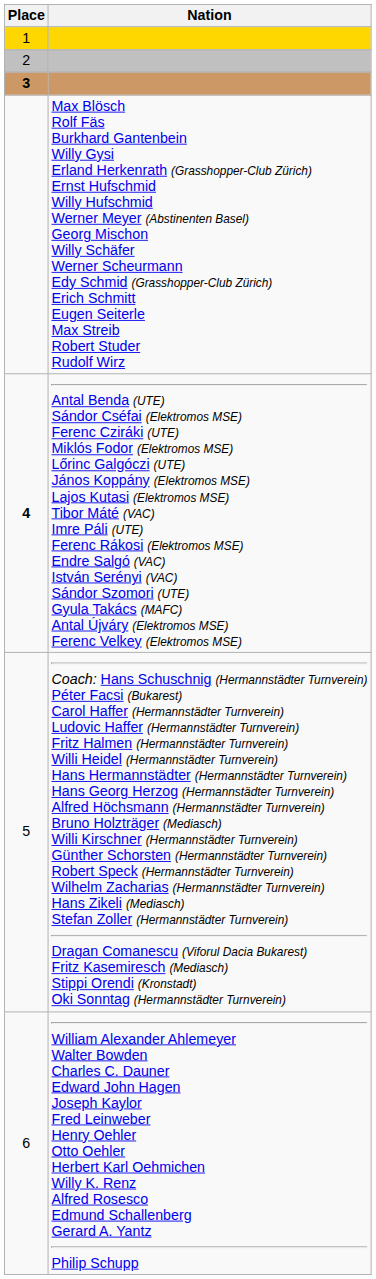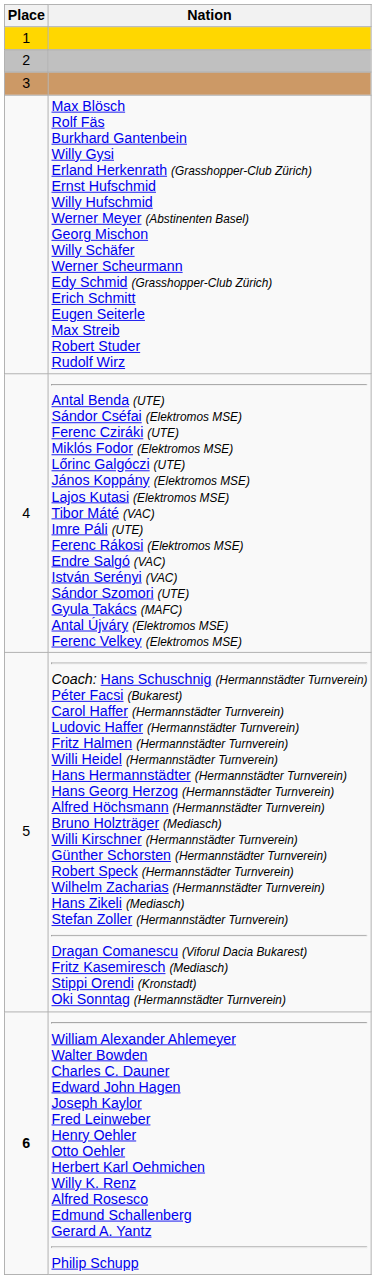 <table class="wikitable">
 <tr>
 <th>Place</th>
 <th>Nation</th>
 </tr>
 <tr align=center bgcolor=gold>
 <td>1</td>
 <td align=left></td>
 </tr>
 <tr align=center bgcolor=silver>
 <td>2</td>
 <td align=left></td>
 </tr>
 <tr align=center bgcolor=cc9966>
-<td><strong>3</strong></td>
+<td>3</td>
 <td align=left></td>
 </tr>
 <tr>
 <td></td>
 <td align=left><a href='#'>Max Blösch</a><br><a href='#'>Rolf Fäs</a><br><a href='#'>Burkhard Gantenbein</a><br><a href='#'>Willy Gysi</a><br><a href='#'>Erland Herkenrath</a> <small><em>(Grasshopper-Club Zürich)</em></small><br><a href='#'>Ernst Hufschmid</a><br><a href='#'>Willy Hufschmid</a><br><a href='#'>Werner Meyer</a> <small><em>(Abstinenten Basel)</em></small><br><a href='#'>Georg Mischon</a><br><a href='#'>Willy Schäfer</a><br><a href='#'>Werner Scheurmann</a><br><a href='#'>Edy Schmid</a> <small><em>(Grasshopper-Club Zürich)</em></small><br><a href='#'>Erich Schmitt</a><br><a href='#'>Eugen Seiterle</a><br><a href='#'>Max Streib</a><br><a href='#'>Robert Studer</a><br><a href='#'>Rudolf Wirz</a></td>
 </tr>
 <tr align=center>
-<td><strong>4</strong></td>
+<td>4</td>
 <td align=left><hr><a href='#'>Antal Benda</a> <small><em>(UTE)</em></small><br><a href='#'>Sándor Cséfai</a> <small><em>(Elektromos MSE)</em></small><br><a href='#'>Ferenc Cziráki</a> <small><em>(UTE)</em></small><br><a href='#'>Miklós Fodor</a> <small><em>(Elektromos MSE)</em></small><br><a href='#'>Lőrinc Galgóczi</a> <small><em>(UTE)</em></small><br><a href='#'>János Koppány</a> <small><em>(Elektromos MSE)</em></small><br><a href='#'>Lajos Kutasi</a> <small><em>(Elektromos MSE)</em></small><br><a href='#'>Tibor Máté</a> <small><em>(VAC)</em></small><br><a href='#'>Imre Páli</a> <small><em>(UTE)</em></small><br><a href='#'>Ferenc Rákosi</a> <small><em>(Elektromos MSE)</em></small><br><a href='#'>Endre Salgó</a> <small><em>(VAC)</em></small><br><a href='#'>István Serényi</a> <small><em>(VAC)</em></small><br><a href='#'>Sándor Szomori</a> <small><em>(UTE)</em></small><br><a href='#'>Gyula Takács</a> <small><em>(MAFC)</em></small><br><a href='#'>Antal Újváry</a> <small><em>(Elektromos MSE)</em></small><br><a href='#'>Ferenc Velkey</a> <small><em>(Elektromos MSE)</em></small></td>
 </tr>
 <tr align=center>
 <td>5</td>
 <td align=left><hr><em>Coach:</em> <a href='#'>Hans Schuschnig</a> <small><em>(Hermannstädter Turnverein)</em></small><br><a href='#'>Péter Facsi</a> <small><em>(Bukarest)</em></small><br><a href='#'>Carol Haffer</a> <small><em>(Hermannstädter Turnverein)</em></small><br><a href='#'>Ludovic Haffer</a> <small><em>(Hermannstädter Turnverein)</em></small><br><a href='#'>Fritz Halmen</a> <small><em>(Hermannstädter Turnverein)</em></small><br><a href='#'>Willi Heidel</a> <small><em>(Hermannstädter Turnverein)</em></small><br><a href='#'>Hans Hermannstädter</a> <small><em>(Hermannstädter Turnverein)</em></small><br><a href='#'>Hans Georg Herzog</a> <small><em>(Hermannstädter Turnverein)</em></small><br><a href='#'>Alfred Höchsmann</a> <small><em>(Hermannstädter Turnverein)</em></small><br><a href='#'>Bruno Holzträger</a> <small><em>(Mediasch)</em></small><br><a href='#'>Willi Kirschner</a> <small><em>(Hermannstädter Turnverein)</em></small><br><a href='#'>Günther Schorsten</a> <small><em>(Hermannstädter Turnverein)</em></small><br><a href='#'>Robert Speck</a> <small><em>(Hermannstädter Turnverein)</em></small><br><a href='#'>Wilhelm Zacharias</a> <small><em>(Hermannstädter Turnverein)</em></small><br><a href='#'>Hans Zikeli</a> <small><em>(Mediasch)</em></small><br><a href='#'>Stefan Zoller</a> <small><em>(Hermannstädter Turnverein)</em></small><hr><a href='#'>Dragan Comanescu</a> <small><em>(Viforul Dacia Bukarest)</em></small><br><a href='#'>Fritz Kasemiresch</a> <small><em>(Mediasch)</em></small><br><a href='#'>Stippi Orendi</a> <small><em>(Kronstadt)</em></small><br><a href='#'>Oki Sonntag</a> <small><em>(Hermannstädter Turnverein)</em></small></td>
 </tr>
 <tr align=center>
-<td>6</td>
+<td><strong>6</strong></td>
 <td align=left><hr><a href='#'>William Alexander Ahlemeyer</a><br><a href='#'>Walter Bowden</a><br><a href='#'>Charles C. Dauner</a><br><a href='#'>Edward John Hagen</a><br><a href='#'>Joseph Kaylor</a><br><a href='#'>Fred Leinweber</a><br><a href='#'>Henry Oehler</a><br><a href='#'>Otto Oehler</a><br><a href='#'>Herbert Karl Oehmichen</a><br><a href='#'>Willy K. Renz</a><br><a href='#'>Alfred Rosesco</a><br><a href='#'>Edmund Schallenberg</a><br><a href='#'>Gerard A. Yantz</a><hr><a href='#'>Philip Schupp</a></td>
 </tr>
 </table>
